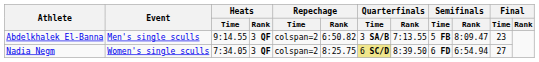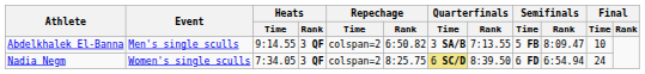 <table class="wikitable" style="font-size:90%">
 <tr>
 <th rowspan="2">Athlete</th>
 <th rowspan="2">Event</th>
 <th colspan="2">Heats</th>
 <th colspan="2">Repechage</th>
 <th colspan="2">Quarterfinals</th>
 <th colspan="2">Semifinals</th>
 <th colspan="2">Final</th>
 </tr>
 <tr style="font-size:95%">
 <th>Time</th>
 <th>Rank</th>
 <th>Time</th>
 <th>Rank</th>
 <th>Time</th>
 <th>Rank</th>
 <th>Time</th>
 <th>Rank</th>
 <th>Time</th>
 <th>Rank</th>
 </tr>
 <tr align=center>
 <td align=left><a href='#'>Abdelkhalek El-Banna</a></td>
 <td align=left><a href='#'>Men's single sculls</a></td>
 <td>9:14.55</td>
 <td>3 <strong>QF</strong></td>
 <td>colspan=2 </td>
 <td>6:50.82</td>
 <td>3 <strong>SA/B</strong></td>
 <td>7:13.55</td>
 <td>5 <strong>FB</strong></td>
 <td>8:09.47</td>
-<td>23</td>
+<td>10</td>
 </tr>
 <tr align=center>
 <td align=left><a href='#'>Nadia Negm</a></td>
 <td align=left><a href='#'>Women's single sculls</a></td>
 <td>7:34.05</td>
 <td>3 <strong>QF</strong></td>
 <td>colspan=2 </td>
 <td>8:25.75</td>
 <td style="background: khaki;">6 <strong>SC/D</strong></td>
 <td>8:39.50</td>
 <td>6 <strong>FD</strong></td>
 <td>6:54.94</td>
-<td>27</td>
+<td>24</td>
 </tr>
 </table>
